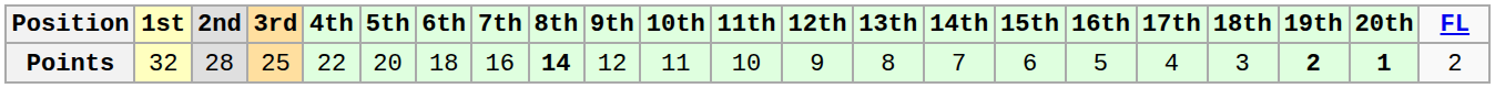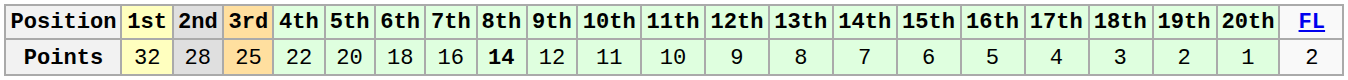 <table class="wikitable" style="font-size:85%; text-align:center">
 <tr>
 <th>Position</th>
 <td style="background:#ffffbf;"><strong>1st</strong></td>
 <td style="background:#dfdfdf;"><strong>2nd</strong></td>
 <td style="background:#ffdf9f;"><strong>3rd</strong></td>
 <td style="background:#dfffdf;"><strong>4th</strong></td>
 <td style="background:#dfffdf;"><strong>5th</strong></td>
 <td style="background:#dfffdf;"><strong>6th</strong></td>
 <td style="background:#dfffdf;"><strong>7th</strong></td>
 <td style="background:#dfffdf;"><strong>8th</strong></td>
 <td style="background:#dfffdf;"><strong>9th</strong></td>
 <td style="background:#dfffdf;"><strong>10th</strong></td>
 <td style="background:#dfffdf;"><strong>11th</strong></td>
 <td style="background:#dfffdf;"><strong>12th</strong></td>
 <td style="background:#dfffdf;"><strong>13th</strong></td>
 <td style="background:#dfffdf;"><strong>14th</strong></td>
 <td style="background:#dfffdf;"><strong>15th</strong></td>
 <td style="background:#dfffdf;"><strong>16th</strong></td>
 <td style="background:#dfffdf;"><strong>17th</strong></td>
 <td style="background:#dfffdf;"><strong>18th</strong></td>
 <td style="background:#dfffdf;"><strong>19th</strong></td>
 <td style="background:#dfffdf;"><strong>20th</strong></td>
 <td> <strong><a href='#'>FL</a></strong> </td>
 </tr>
 <tr>
 <th>Points</th>
 <td style="background:#ffffbf;">32</td>
 <td style="background:#dfdfdf;">28</td>
 <td style="background:#ffdf9f;">25</td>
 <td style="background:#dfffdf;">22</td>
 <td style="background:#dfffdf;">20</td>
 <td style="background:#dfffdf;">18</td>
 <td style="background:#dfffdf;">16</td>
 <td style="background:#dfffdf;"><strong>14</strong></td>
 <td style="background:#dfffdf;">12</td>
 <td style="background:#dfffdf;">11</td>
 <td style="background:#dfffdf;">10</td>
 <td style="background:#dfffdf;">9</td>
 <td style="background:#dfffdf;">8</td>
 <td style="background:#dfffdf;">7</td>
 <td style="background:#dfffdf;">6</td>
 <td style="background:#dfffdf;">5</td>
 <td style="background:#dfffdf;">4</td>
 <td style="background:#dfffdf;">3</td>
-<td style="background:#dfffdf;"><strong>2</strong></td>
-<td style="background:#dfffdf;"><strong>1</strong></td>
+<td style="background:#dfffdf;">2</td>
+<td style="background:#dfffdf;">1</td>
 <td>2</td>
 </tr>
 <tr>
 </tr>
 </table>
